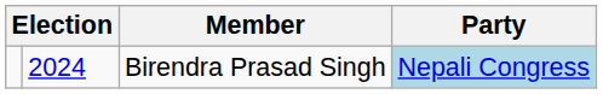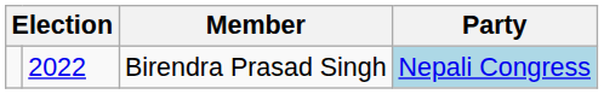 <table class="wikitable">
 <tr>
 <th colspan="2">Election</th>
 <th>Member</th>
 <th>Party</th>
 </tr>
 <tr>
 <td style="background-color:"></td>
-<td><a href='#'>2024</a></td>
+<td><a href='#'>2022</a></td>
 <td>Birendra Prasad Singh</td>
 <td style="background: lightblue;"><a href='#'>Nepali Congress</a></td>
 </tr>
 </table>
